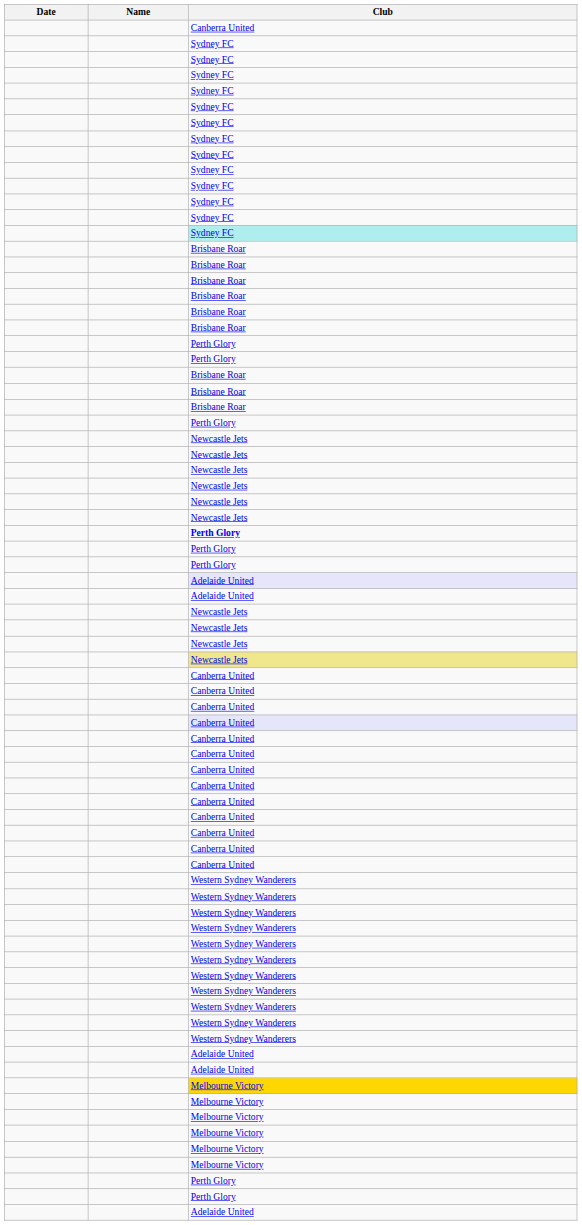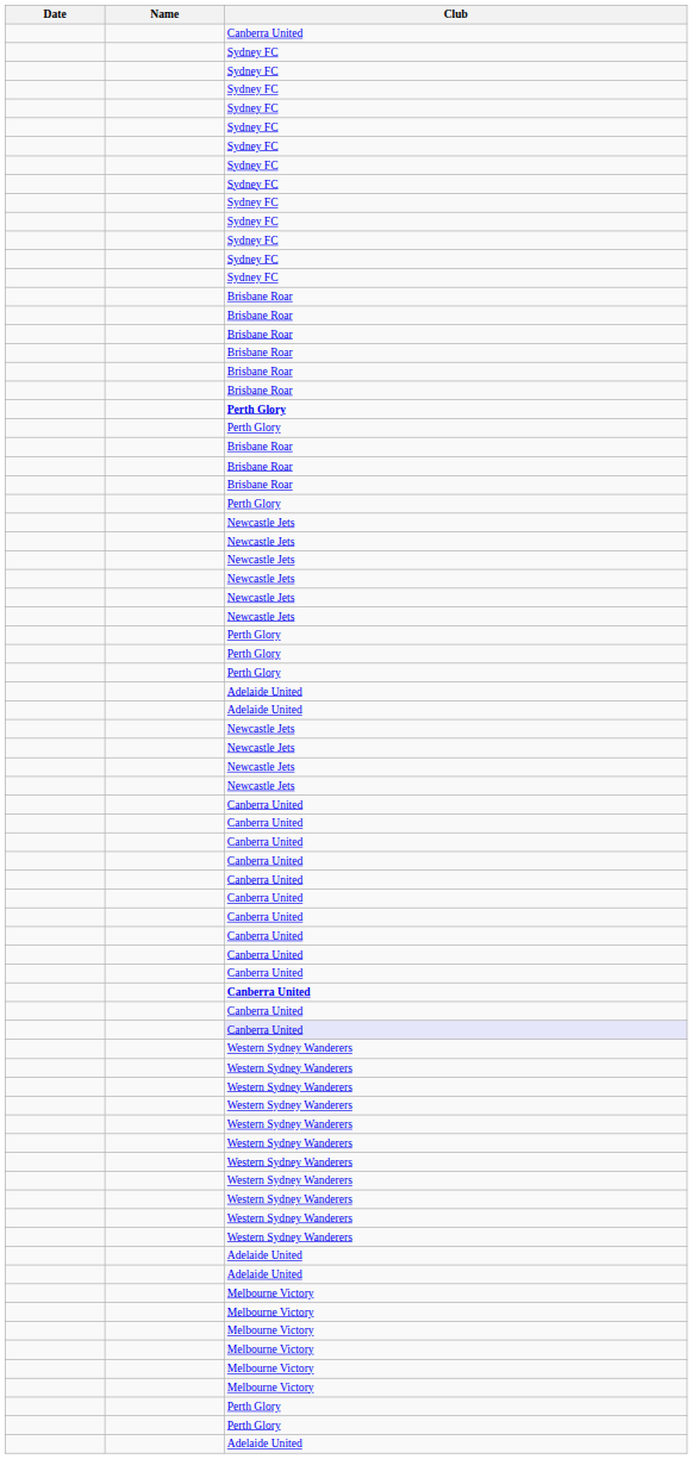 <table class="wikitable sortable" style="width:72%; font-size:95%; ">
 <tr>
 <th>Date</th>
 <th>Name</th>
 <th>Club</th>
 </tr>
 <tr>
 <td></td>
 <td></td>
 <td><a href='#'>Canberra United</a></td>
 </tr>
 <tr>
 <td></td>
 <td></td>
 <td><a href='#'>Sydney FC</a></td>
 </tr>
 <tr>
 <td></td>
 <td></td>
 <td><a href='#'>Sydney FC</a></td>
 </tr>
 <tr>
 <td></td>
 <td></td>
 <td><a href='#'>Sydney FC</a></td>
 </tr>
 <tr>
 <td></td>
 <td></td>
 <td><a href='#'>Sydney FC</a></td>
 </tr>
 <tr>
 <td></td>
 <td></td>
 <td><a href='#'>Sydney FC</a></td>
 </tr>
 <tr>
 <td></td>
 <td></td>
 <td><a href='#'>Sydney FC</a></td>
 </tr>
 <tr>
 <td></td>
 <td></td>
 <td><a href='#'>Sydney FC</a></td>
 </tr>
 <tr>
 <td></td>
 <td></td>
 <td><a href='#'>Sydney FC</a></td>
 </tr>
 <tr>
 <td></td>
 <td></td>
 <td><a href='#'>Sydney FC</a></td>
 </tr>
 <tr>
 <td></td>
 <td></td>
 <td><a href='#'>Sydney FC</a></td>
 </tr>
 <tr>
 <td></td>
 <td></td>
 <td><a href='#'>Sydney FC</a></td>
 </tr>
 <tr>
 <td></td>
 <td></td>
 <td><a href='#'>Sydney FC</a></td>
 </tr>
 <tr>
 <td></td>
 <td></td>
-<td style="background: paleturquoise;"><a href='#'>Sydney FC</a></td>
+<td><a href='#'>Sydney FC</a></td>
 </tr>
 <tr>
 <td></td>
 <td></td>
 <td><a href='#'>Brisbane Roar</a></td>
 </tr>
 <tr>
 <td></td>
 <td></td>
 <td><a href='#'>Brisbane Roar</a></td>
 </tr>
 <tr>
 <td></td>
 <td></td>
 <td><a href='#'>Brisbane Roar</a></td>
 </tr>
 <tr>
 <td></td>
 <td></td>
 <td><a href='#'>Brisbane Roar</a></td>
 </tr>
 <tr>
 <td></td>
 <td></td>
 <td><a href='#'>Brisbane Roar</a></td>
 </tr>
 <tr>
 <td></td>
 <td></td>
 <td><a href='#'>Brisbane Roar</a></td>
 </tr>
 <tr>
 <td></td>
 <td></td>
-<td><a href='#'>Perth Glory</a></td>
+<td><strong><a href='#'>Perth Glory</a></strong></td>
 </tr>
 <tr>
 <td></td>
 <td></td>
 <td><a href='#'>Perth Glory</a></td>
 </tr>
 <tr>
 <td></td>
 <td></td>
 <td><a href='#'>Brisbane Roar</a></td>
 </tr>
 <tr>
 <td></td>
 <td></td>
 <td><a href='#'>Brisbane Roar</a></td>
 </tr>
 <tr>
 <td></td>
 <td></td>
 <td><a href='#'>Brisbane Roar</a></td>
 </tr>
 <tr>
 <td></td>
 <td></td>
 <td><a href='#'>Perth Glory</a></td>
 </tr>
 <tr>
 <td></td>
 <td></td>
 <td><a href='#'>Newcastle Jets</a></td>
 </tr>
 <tr>
 <td></td>
 <td></td>
 <td><a href='#'>Newcastle Jets</a></td>
 </tr>
 <tr>
 <td></td>
 <td></td>
 <td><a href='#'>Newcastle Jets</a></td>
 </tr>
 <tr>
 <td></td>
 <td></td>
 <td><a href='#'>Newcastle Jets</a></td>
 </tr>
 <tr>
 <td></td>
 <td></td>
 <td><a href='#'>Newcastle Jets</a></td>
 </tr>
 <tr>
 <td></td>
 <td></td>
 <td><a href='#'>Newcastle Jets</a></td>
 </tr>
 <tr>
 <td></td>
 <td></td>
-<td><strong><a href='#'>Perth Glory</a></strong></td>
+<td><a href='#'>Perth Glory</a></td>
 </tr>
 <tr>
 <td></td>
 <td></td>
 <td><a href='#'>Perth Glory</a></td>
 </tr>
 <tr>
 <td></td>
 <td></td>
 <td><a href='#'>Perth Glory</a></td>
 </tr>
 <tr>
 <td></td>
 <td></td>
-<td style="background: lavender;"><a href='#'>Adelaide United</a></td>
+<td><a href='#'>Adelaide United</a></td>
 </tr>
 <tr>
 <td></td>
 <td></td>
 <td><a href='#'>Adelaide United</a></td>
 </tr>
 <tr>
 <td></td>
 <td></td>
 <td><a href='#'>Newcastle Jets</a></td>
 </tr>
 <tr>
 <td></td>
 <td></td>
 <td><a href='#'>Newcastle Jets</a></td>
 </tr>
 <tr>
 <td></td>
 <td></td>
 <td><a href='#'>Newcastle Jets</a></td>
 </tr>
 <tr>
 <td></td>
 <td></td>
-<td style="background: khaki;"><a href='#'>Newcastle Jets</a></td>
-</tr>
-<tr>
-<td></td>
-<td></td>
-<td><a href='#'>Canberra United</a></td>
-</tr>
-<tr>
-<td></td>
-<td></td>
-<td><a href='#'>Canberra United</a></td>
-</tr>
-<tr>
-<td></td>
-<td></td>
-<td><a href='#'>Canberra United</a></td>
-</tr>
-<tr>
-<td></td>
-<td></td>
-<td style="background: lavender;"><a href='#'>Canberra United</a></td>
+<td><a href='#'>Newcastle Jets</a></td>
 </tr>
 <tr>
 <td></td>
 <td></td>
 <td><a href='#'>Canberra United</a></td>
 </tr>
 <tr>
 <td></td>
 <td></td>
 <td><a href='#'>Canberra United</a></td>
 </tr>
 <tr>
 <td></td>
 <td></td>
 <td><a href='#'>Canberra United</a></td>
 </tr>
 <tr>
 <td></td>
 <td></td>
 <td><a href='#'>Canberra United</a></td>
 </tr>
 <tr>
 <td></td>
 <td></td>
 <td><a href='#'>Canberra United</a></td>
 </tr>
 <tr>
 <td></td>
 <td></td>
 <td><a href='#'>Canberra United</a></td>
 </tr>
 <tr>
 <td></td>
 <td></td>
 <td><a href='#'>Canberra United</a></td>
 </tr>
 <tr>
 <td></td>
 <td></td>
 <td><a href='#'>Canberra United</a></td>
 </tr>
 <tr>
 <td></td>
 <td></td>
 <td><a href='#'>Canberra United</a></td>
+</tr>
+<tr>
+<td></td>
+<td></td>
+<td><a href='#'>Canberra United</a></td>
+</tr>
+<tr>
+<td></td>
+<td></td>
+<td><strong><a href='#'>Canberra United</a></strong></td>
+</tr>
+<tr>
+<td></td>
+<td></td>
+<td><a href='#'>Canberra United</a></td>
+</tr>
+<tr>
+<td></td>
+<td></td>
+<td style="background: lavender;"><a href='#'>Canberra United</a></td>
 </tr>
 <tr>
 <td></td>
 <td></td>
 <td><a href='#'>Western Sydney Wanderers</a></td>
 </tr>
 <tr>
 <td></td>
 <td></td>
 <td><a href='#'>Western Sydney Wanderers</a></td>
 </tr>
 <tr>
 <td></td>
 <td></td>
 <td><a href='#'>Western Sydney Wanderers</a></td>
 </tr>
 <tr>
 <td></td>
 <td></td>
 <td><a href='#'>Western Sydney Wanderers</a></td>
 </tr>
 <tr>
 <td></td>
 <td></td>
 <td><a href='#'>Western Sydney Wanderers</a></td>
 </tr>
 <tr>
 <td></td>
 <td></td>
 <td><a href='#'>Western Sydney Wanderers</a></td>
 </tr>
 <tr>
 <td></td>
 <td></td>
 <td><a href='#'>Western Sydney Wanderers</a></td>
 </tr>
 <tr>
 <td></td>
 <td></td>
 <td><a href='#'>Western Sydney Wanderers</a></td>
 </tr>
 <tr>
 <td></td>
 <td></td>
 <td><a href='#'>Western Sydney Wanderers</a></td>
 </tr>
 <tr>
 <td></td>
 <td></td>
 <td><a href='#'>Western Sydney Wanderers</a></td>
 </tr>
 <tr>
 <td></td>
 <td></td>
 <td><a href='#'>Western Sydney Wanderers</a></td>
 </tr>
 <tr>
 <td></td>
 <td></td>
 <td><a href='#'>Adelaide United</a></td>
 </tr>
 <tr>
 <td></td>
 <td></td>
 <td><a href='#'>Adelaide United</a></td>
 </tr>
 <tr>
 <td></td>
 <td></td>
-<td style="background: gold;"><a href='#'>Melbourne Victory</a></td>
+<td><a href='#'>Melbourne Victory</a></td>
 </tr>
 <tr>
 <td></td>
 <td></td>
 <td><a href='#'>Melbourne Victory</a></td>
 </tr>
 <tr>
 <td></td>
 <td></td>
 <td><a href='#'>Melbourne Victory</a></td>
 </tr>
 <tr>
 <td></td>
 <td></td>
 <td><a href='#'>Melbourne Victory</a></td>
 </tr>
 <tr>
 <td></td>
 <td></td>
 <td><a href='#'>Melbourne Victory</a></td>
 </tr>
 <tr>
 <td></td>
 <td></td>
 <td><a href='#'>Melbourne Victory</a></td>
 </tr>
 <tr>
 <td></td>
 <td></td>
 <td><a href='#'>Perth Glory</a></td>
 </tr>
 <tr>
 <td></td>
 <td></td>
 <td><a href='#'>Perth Glory</a></td>
 </tr>
 <tr>
 <td></td>
 <td></td>
 <td><a href='#'>Adelaide United</a></td>
 </tr>
 </table>
